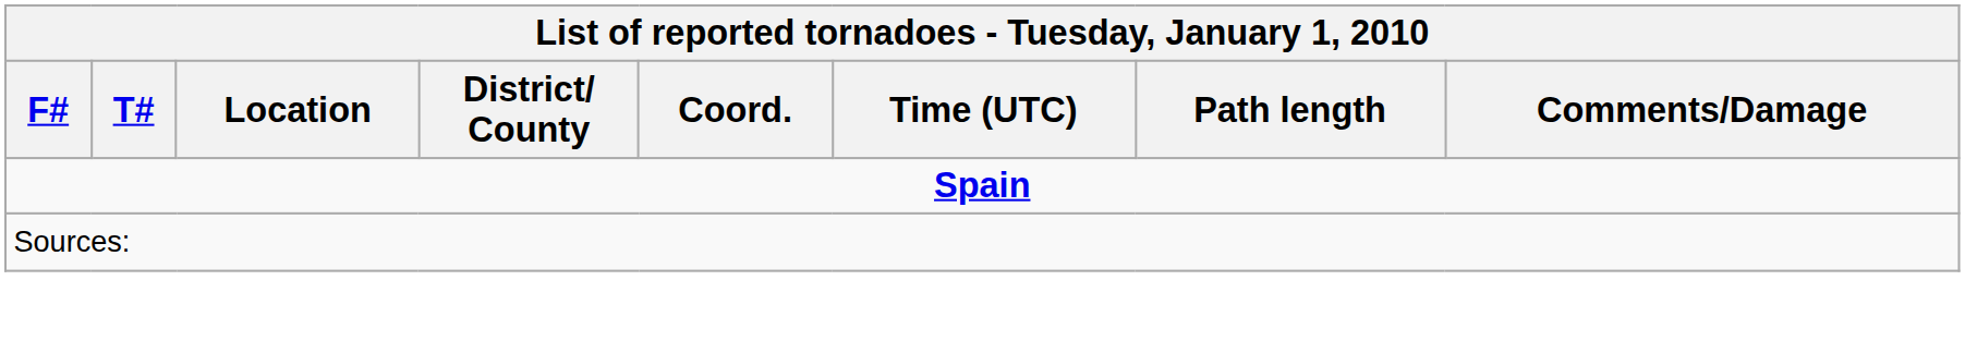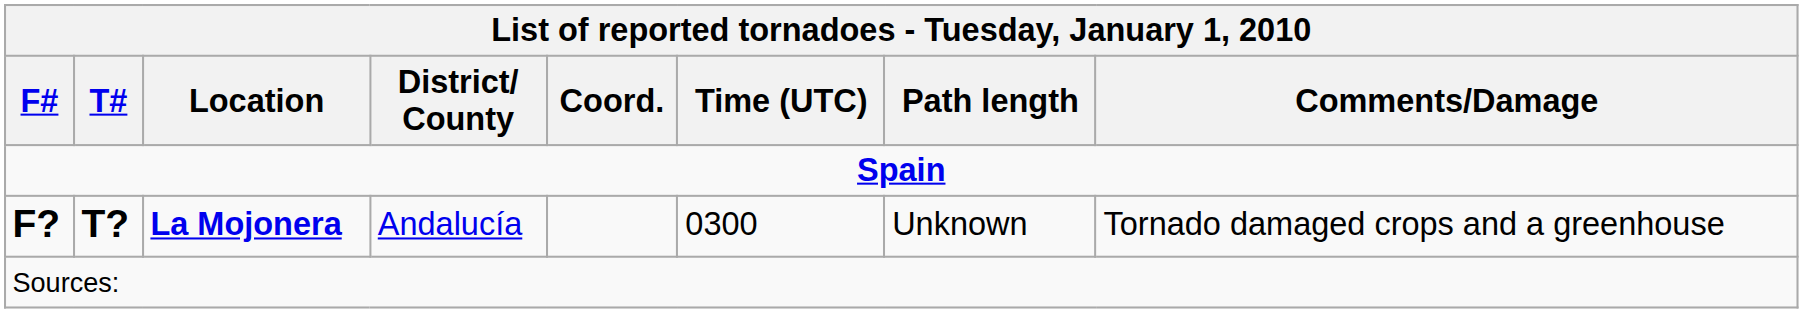 <table class="wikitable collapsible" width="100%">
 <tr>
 <th colspan="8">List of reported tornadoes - Tuesday, January 1, 2010</th>
 </tr>
 <tr>
 <th><a href='#'>F#</a></th>
 <th><a href='#'>T#</a></th>
 <th>Location</th>
 <th>District/<br>County</th>
 <th>Coord.</th>
 <th>Time (UTC)</th>
 <th>Path length</th>
 <th>Comments/Damage</th>
 </tr>
 <tr>
 <td colspan="8" align=center><strong><a href='#'>Spain</a></strong></td>
 </tr>
 <tr>
+<td><big><strong>F?</strong></big></td>
+<td><big><strong>T?</strong></big></td>
+<td><strong><a href='#'>La Mojonera</a></strong></td>
+<td><a href='#'>Andalucía</a></td>
+<td></td>
+<td>0300</td>
+<td>Unknown</td>
+<td>Tornado damaged crops and a greenhouse</td>
+</tr>
+<tr>
 <td colspan="8"><small>Sources:  </small></td>
 </tr>
 </table>
